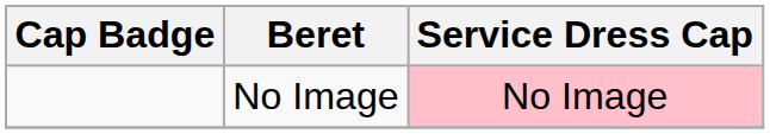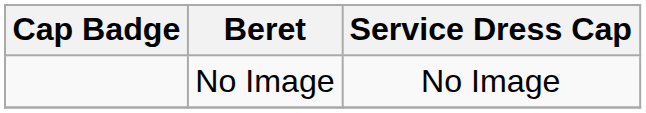 <table class="wikitable"  style="text-align: center;">
 <tr>
 <th>Cap Badge</th>
 <th>Beret</th>
 <th>Service Dress Cap</th>
 </tr>
 <tr>
 <td></td>
 <td>No Image</td>
-<td style="background: pink;">No Image</td>
+<td>No Image</td>
 </tr>
 <tr>
 </tr>
 </table>
